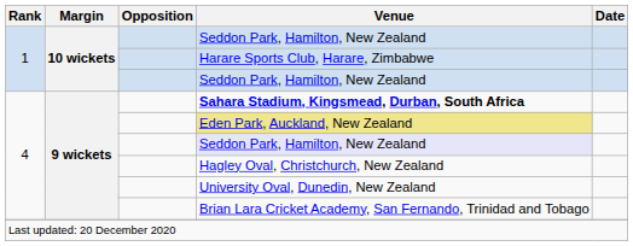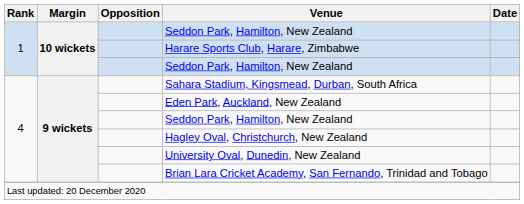 <table class="wikitable plainrowheaders sortable">
 <tr>
 <th scope=col>Rank</th>
 <th scope=col>Margin</th>
 <th scope=col>Opposition</th>
 <th scope=col>Venue</th>
 <th scope=col>Date</th>
 </tr>
 <tr bgcolor=#cee0f2>
 <td align=center rowspan=3>1</td>
 <th scope=row style=text-align:center rowspan=3>10 wickets</th>
 <td></td>
 <td><a href='#'>Seddon Park</a>, <a href='#'>Hamilton</a>, New Zealand</td>
 <td></td>
 </tr>
 <tr bgcolor=#cee0f2>
 <td></td>
 <td><a href='#'>Harare Sports Club</a>, <a href='#'>Harare</a>, Zimbabwe</td>
 <td></td>
 </tr>
 <tr bgcolor=#cee0f2>
 <td></td>
 <td><a href='#'>Seddon Park</a>, <a href='#'>Hamilton</a>, New Zealand</td>
 <td></td>
 </tr>
 <tr>
 <td align=center rowspan=6>4</td>
 <th scope=row style=text-align:center rowspan=6>9 wickets</th>
 <td></td>
-<td><strong><a href='#'>Sahara Stadium, Kingsmead</a>, <a href='#'>Durban</a>, South Africa</strong></td>
+<td><a href='#'>Sahara Stadium, Kingsmead</a>, <a href='#'>Durban</a>, South Africa</td>
 <td> </td>
 </tr>
 <tr>
 <td></td>
-<td style="background: khaki;"><a href='#'>Eden Park</a>, <a href='#'>Auckland</a>, New Zealand</td>
+<td><a href='#'>Eden Park</a>, <a href='#'>Auckland</a>, New Zealand</td>
 <td></td>
 </tr>
 <tr>
 <td></td>
-<td style="background: lavender;"><a href='#'>Seddon Park</a>, <a href='#'>Hamilton</a>, New Zealand</td>
+<td><a href='#'>Seddon Park</a>, <a href='#'>Hamilton</a>, New Zealand</td>
 <td></td>
 </tr>
 <tr>
 <td></td>
 <td><a href='#'>Hagley Oval</a>, <a href='#'>Christchurch</a>, New Zealand</td>
 <td></td>
 </tr>
 <tr>
 <td></td>
 <td><a href='#'>University Oval</a>, <a href='#'>Dunedin</a>, New Zealand</td>
 <td></td>
 </tr>
 <tr>
 <td></td>
 <td><a href='#'>Brian Lara Cricket Academy</a>, <a href='#'>San Fernando</a>, Trinidad and Tobago</td>
 <td> </td>
 </tr>
 <tr>
 </tr>
 <tr class=sortbottom>
 <td colspan=5><small>Last updated: 20 December 2020</small></td>
 </tr>
 </table>
